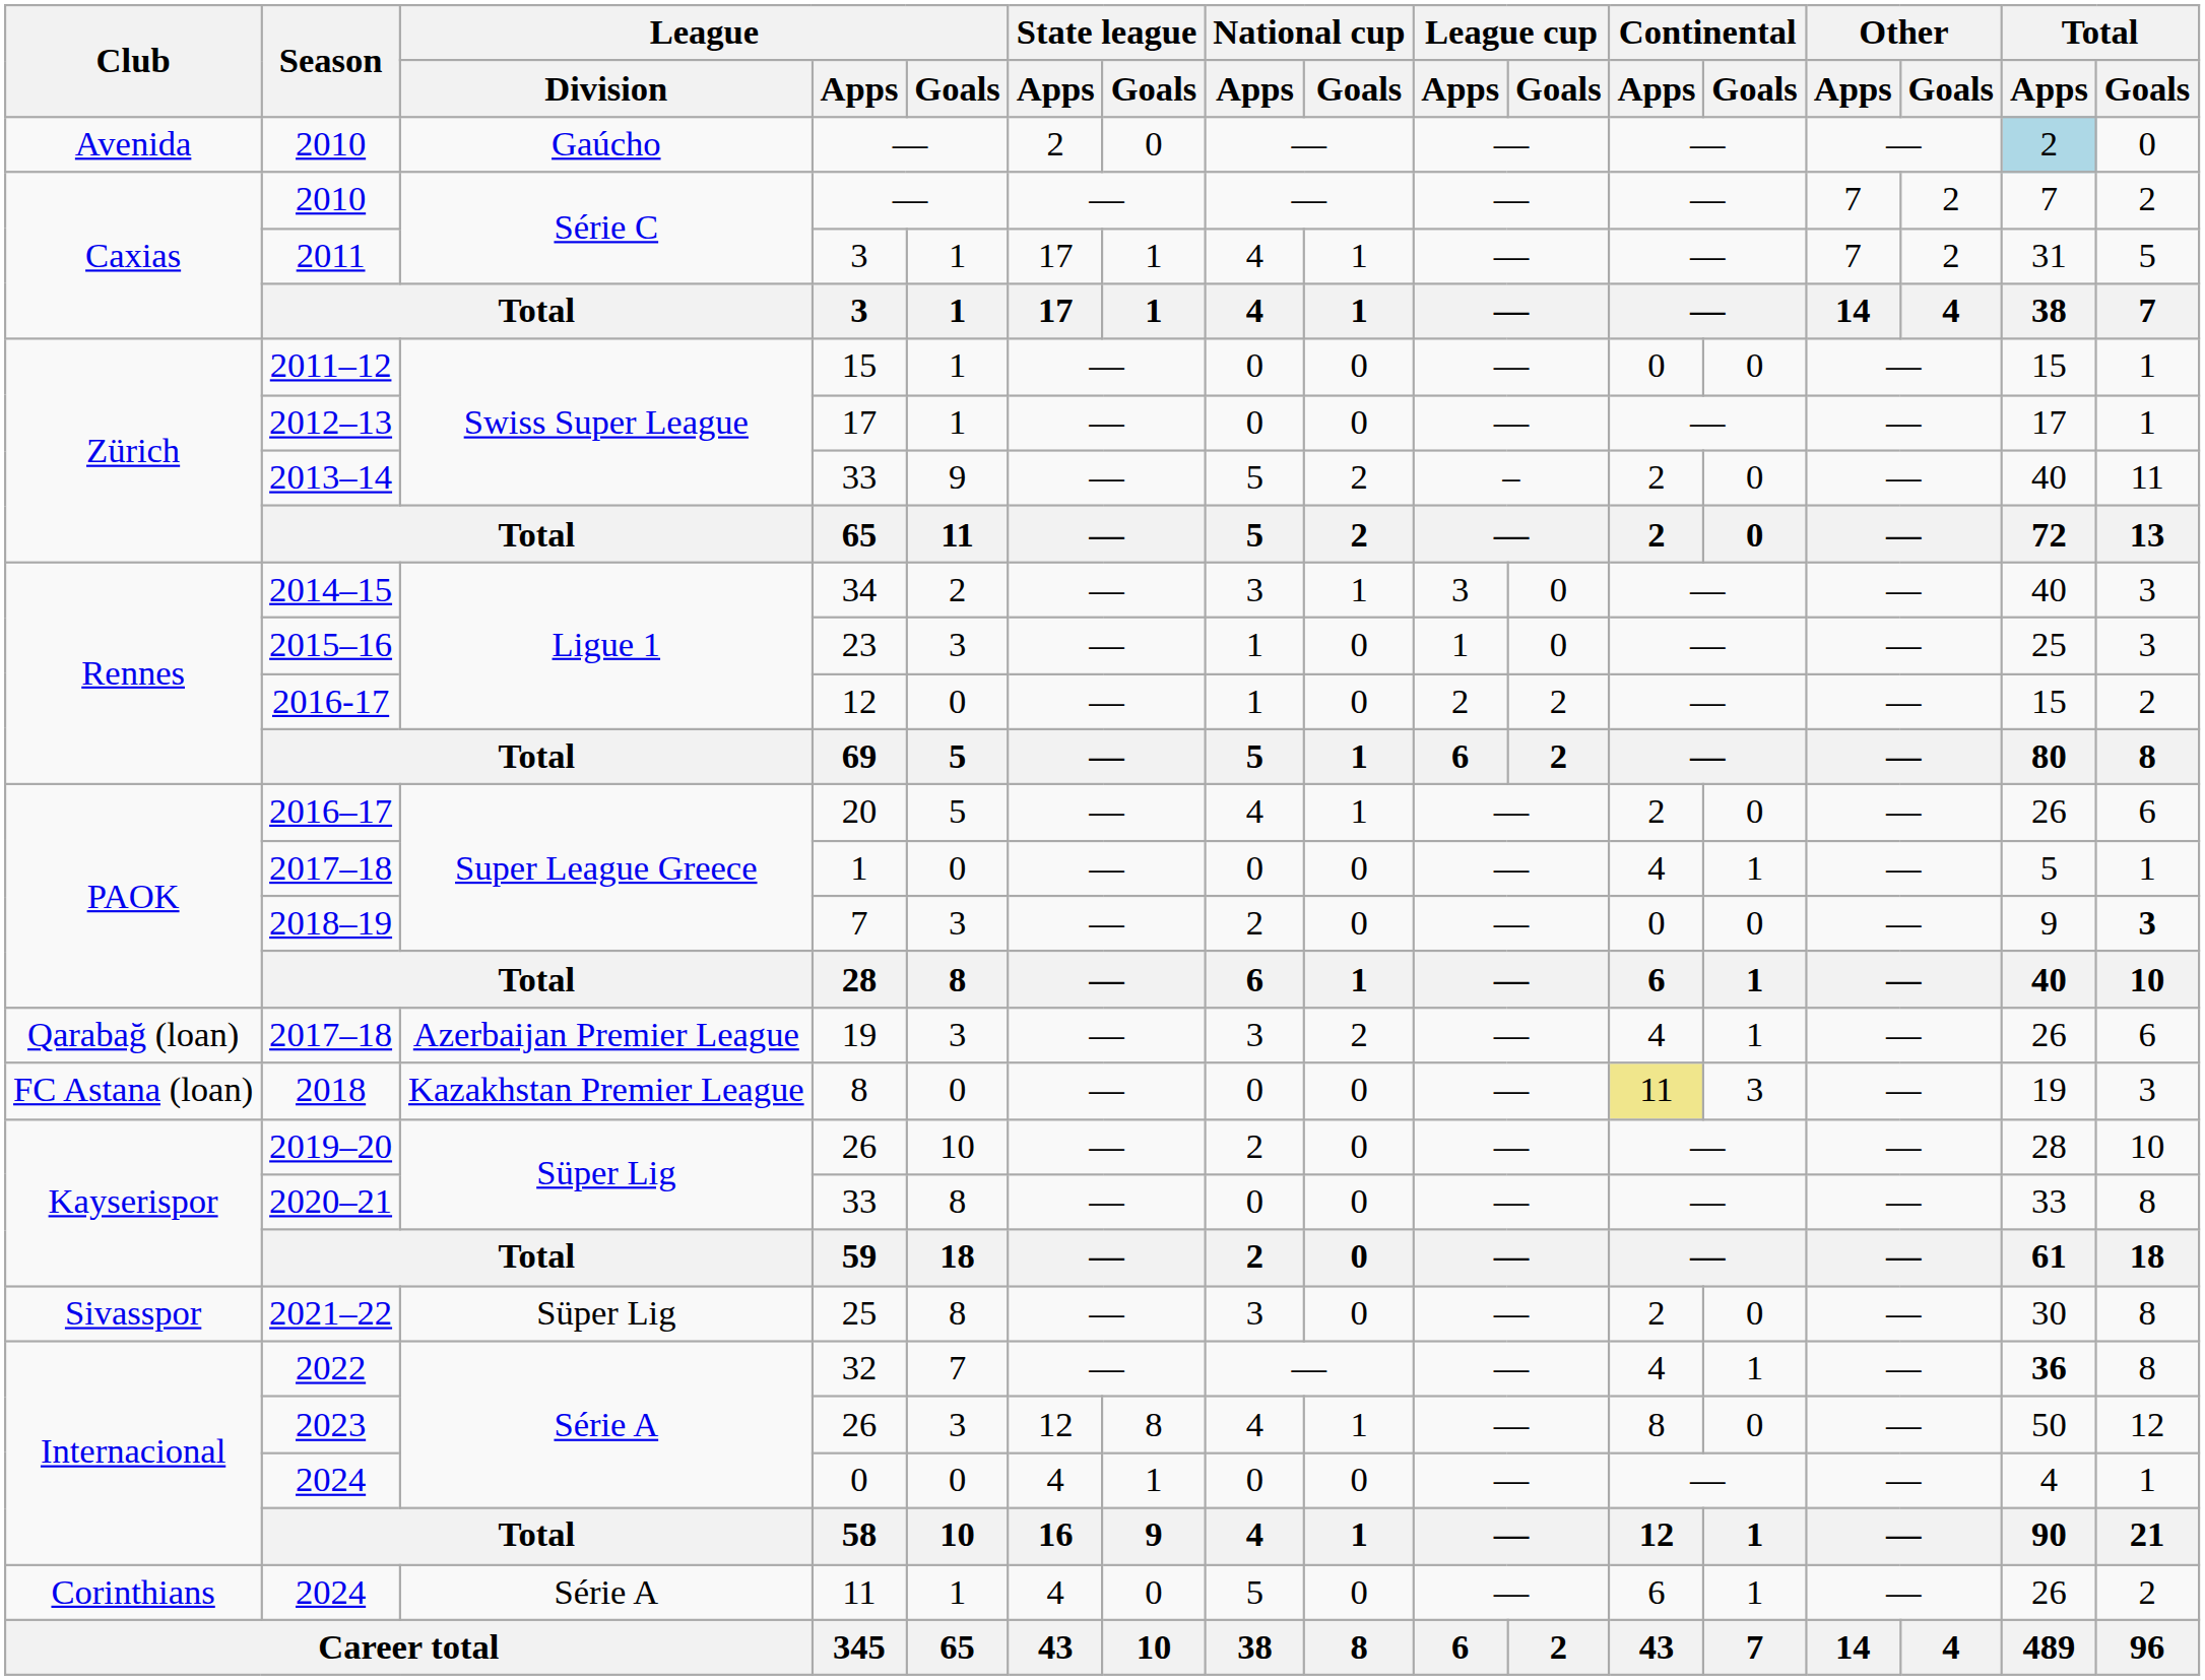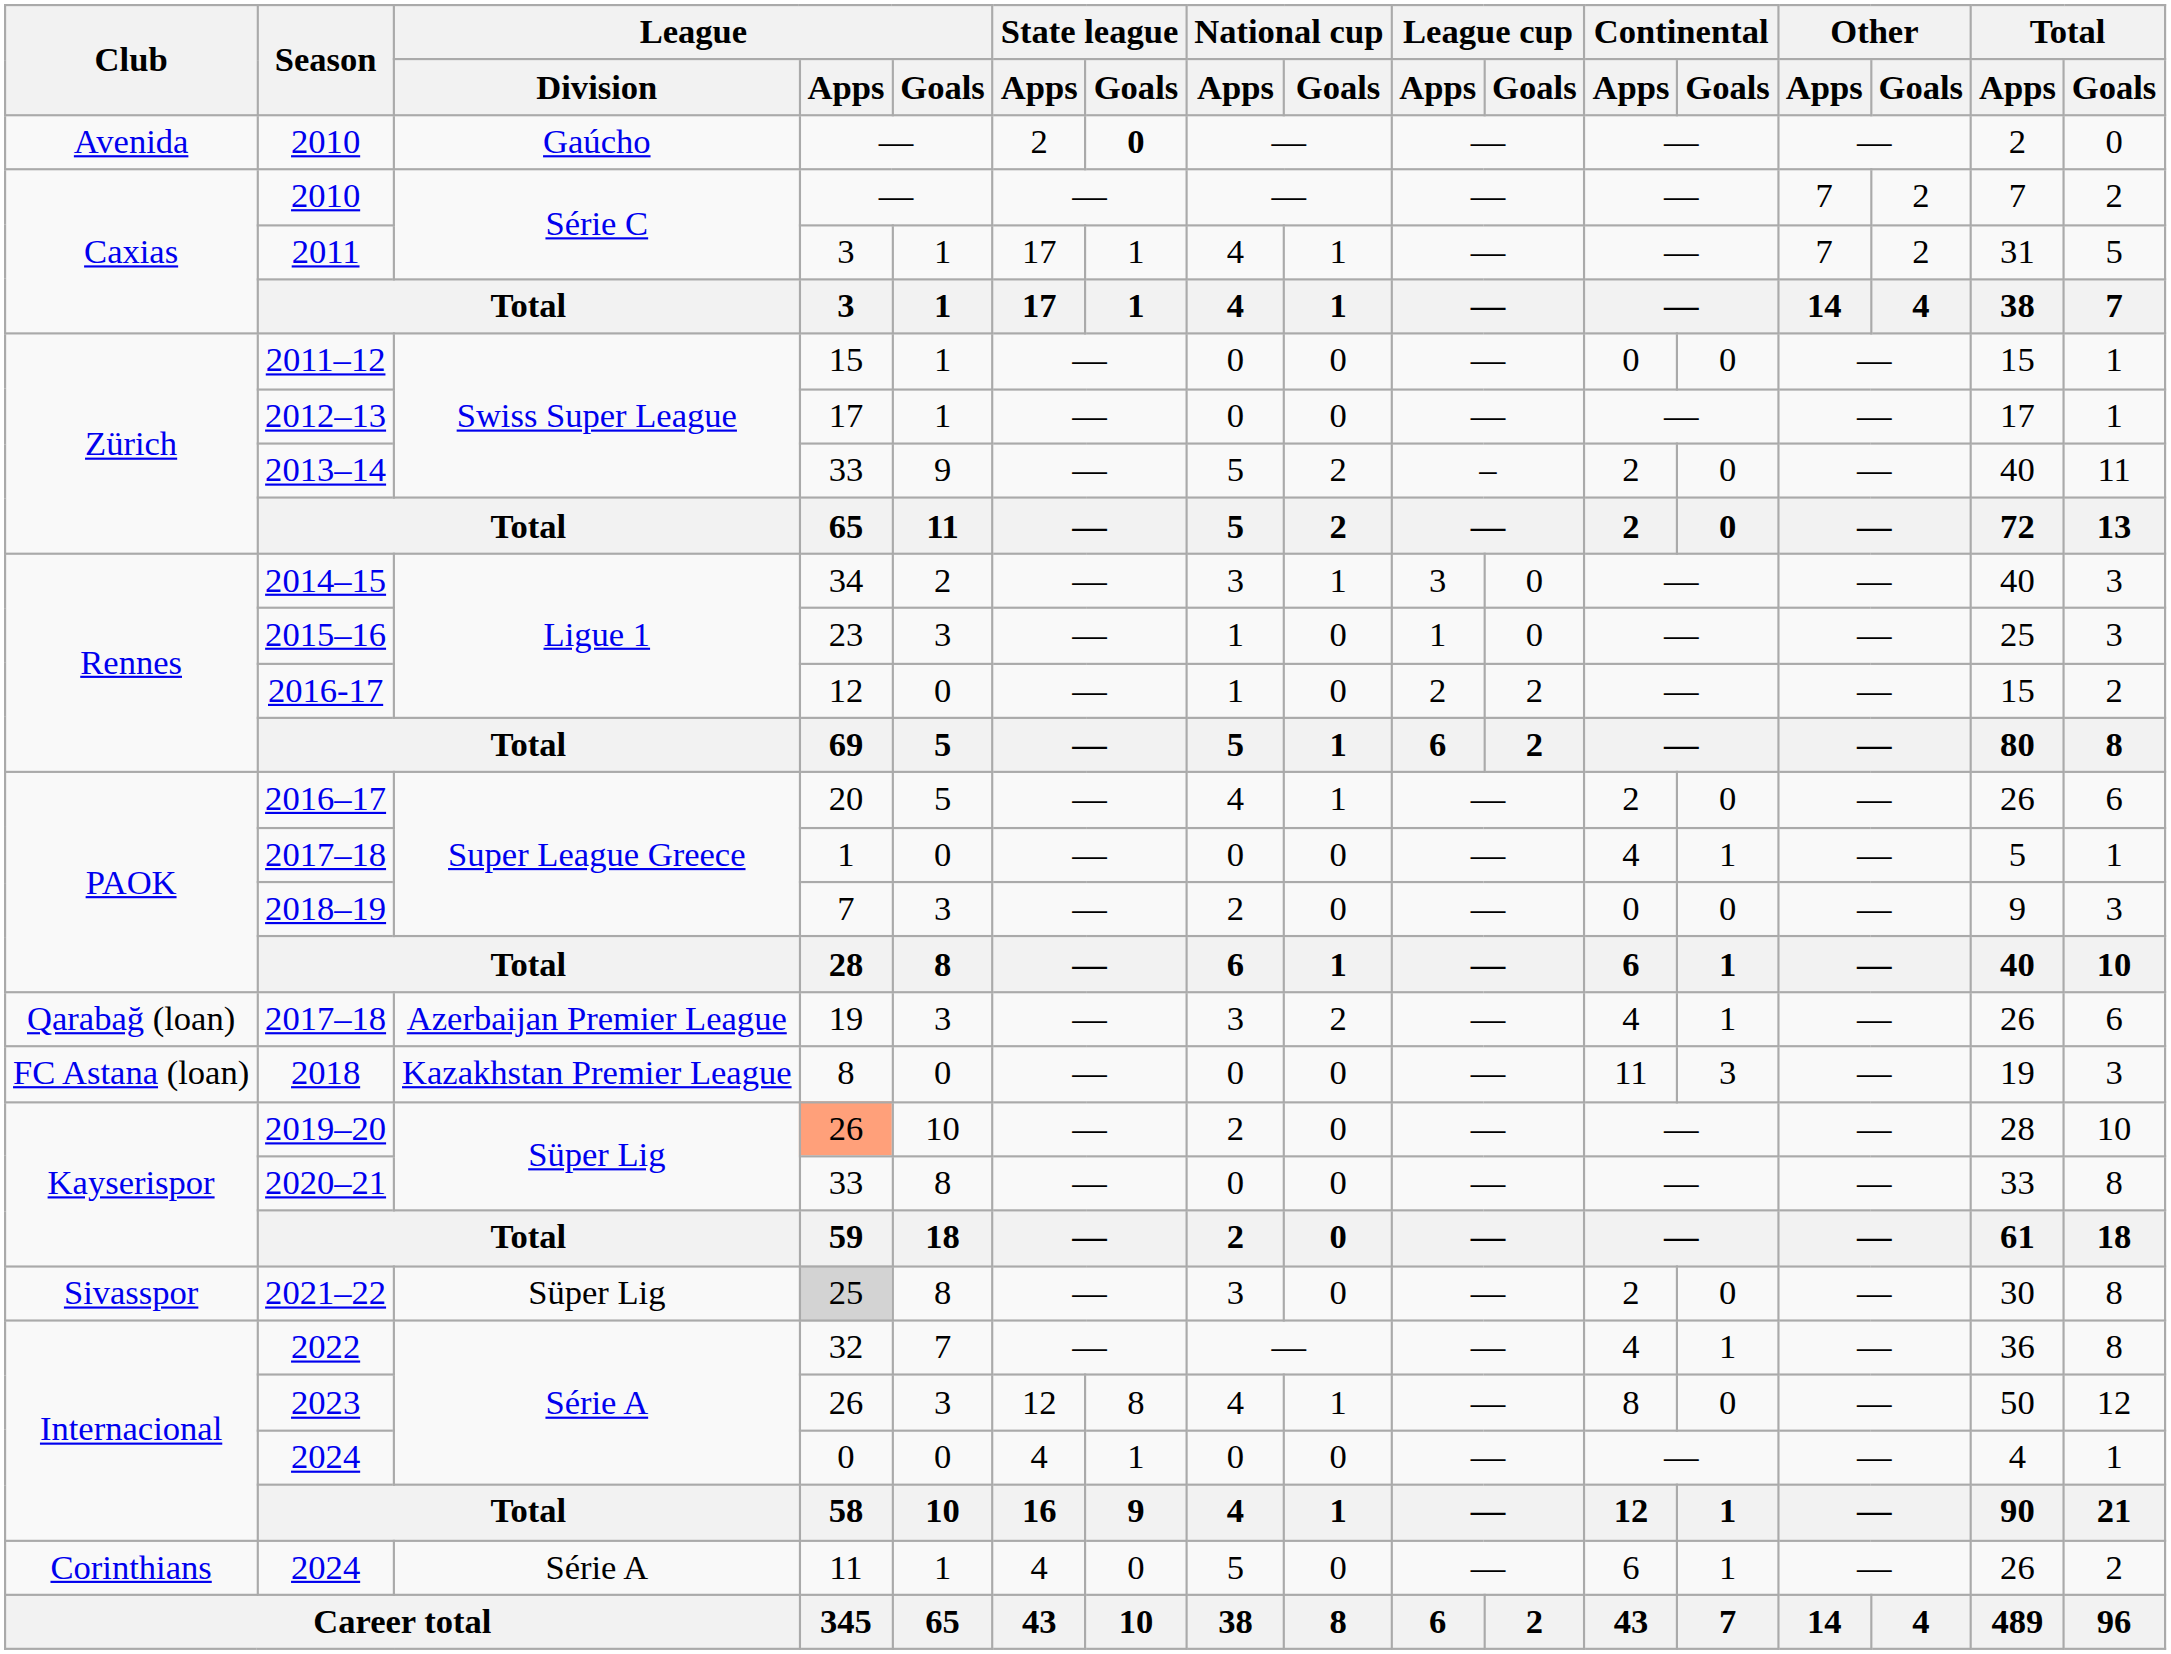 <table class="wikitable" style="text-align: center;">
 <tr>
 <th rowspan="2">Club</th>
 <th rowspan="2">Season</th>
 <th colspan="3">League</th>
 <th colspan="2">State league</th>
 <th colspan="2">National cup</th>
 <th colspan="2">League cup</th>
 <th colspan="2">Continental</th>
 <th colspan="2">Other</th>
 <th colspan="2">Total</th>
 </tr>
 <tr>
 <th>Division</th>
 <th>Apps</th>
 <th>Goals</th>
 <th>Apps</th>
 <th>Goals</th>
 <th>Apps</th>
 <th>Goals</th>
 <th>Apps</th>
 <th>Goals</th>
 <th>Apps</th>
 <th>Goals</th>
 <th>Apps</th>
 <th>Goals</th>
 <th>Apps</th>
 <th>Goals</th>
 </tr>
 <tr>
 <td><a href='#'>Avenida</a></td>
 <td><a href='#'>2010</a></td>
 <td><a href='#'>Gaúcho</a></td>
 <td colspan="2">—</td>
 <td>2</td>
-<td>0</td>
+<td><strong>0</strong></td>
 <td colspan="2">—</td>
 <td colspan="2">—</td>
 <td colspan="2">—</td>
 <td colspan="2">—</td>
-<td style="background: lightblue;">2</td>
+<td>2</td>
 <td>0</td>
 </tr>
 <tr>
 <td rowspan="3"><a href='#'>Caxias</a></td>
 <td><a href='#'>2010</a></td>
 <td rowspan="2"><a href='#'>Série C</a></td>
 <td colspan="2">—</td>
 <td colspan="2">—</td>
 <td colspan="2">—</td>
 <td colspan="2">—</td>
 <td colspan="2">—</td>
 <td>7</td>
 <td>2</td>
 <td>7</td>
 <td>2</td>
 </tr>
 <tr>
 <td><a href='#'>2011</a></td>
 <td>3</td>
 <td>1</td>
 <td>17</td>
 <td>1</td>
 <td>4</td>
 <td>1</td>
 <td colspan="2">—</td>
 <td colspan="2">—</td>
 <td>7</td>
 <td>2</td>
 <td>31</td>
 <td>5</td>
 </tr>
 <tr>
 <th colspan="2">Total</th>
 <th>3</th>
 <th>1</th>
 <th>17</th>
 <th>1</th>
 <th>4</th>
 <th>1</th>
 <th colspan="2">—</th>
 <th colspan="2">—</th>
 <th>14</th>
 <th>4</th>
 <th>38</th>
 <th>7</th>
 </tr>
 <tr>
 <td rowspan="4"><a href='#'>Zürich</a></td>
 <td><a href='#'>2011–12</a></td>
 <td rowspan="3"><a href='#'>Swiss Super League</a></td>
 <td>15</td>
 <td>1</td>
 <td colspan="2">—</td>
 <td>0</td>
 <td>0</td>
 <td colspan="2">—</td>
 <td>0</td>
 <td>0</td>
 <td colspan="2">—</td>
 <td>15</td>
 <td>1</td>
 </tr>
 <tr>
 <td><a href='#'>2012–13</a></td>
 <td>17</td>
 <td>1</td>
 <td colspan="2">—</td>
 <td>0</td>
 <td>0</td>
 <td colspan="2">—</td>
 <td colspan="2">—</td>
 <td colspan="2">—</td>
 <td>17</td>
 <td>1</td>
 </tr>
 <tr>
 <td><a href='#'>2013–14</a></td>
 <td>33</td>
 <td>9</td>
 <td colspan="2">—</td>
 <td>5</td>
 <td>2</td>
 <td colspan="2">–</td>
 <td>2</td>
 <td>0</td>
 <td colspan="2">—</td>
 <td>40</td>
 <td>11</td>
 </tr>
 <tr>
 <th colspan="2">Total</th>
 <th>65</th>
 <th>11</th>
 <th colspan="2">—</th>
 <th>5</th>
 <th>2</th>
 <th colspan="2">—</th>
 <th>2</th>
 <th>0</th>
 <th colspan="2">—</th>
 <th>72</th>
 <th>13</th>
 </tr>
 <tr>
 <td rowspan="4"><a href='#'>Rennes</a></td>
 <td><a href='#'>2014–15</a></td>
 <td rowspan="3"><a href='#'>Ligue 1</a></td>
 <td>34</td>
 <td>2</td>
 <td colspan="2">—</td>
 <td>3</td>
 <td>1</td>
 <td>3</td>
 <td>0</td>
 <td colspan="2">—</td>
 <td colspan="2">—</td>
 <td>40</td>
 <td>3</td>
 </tr>
 <tr>
 <td><a href='#'>2015–16</a></td>
 <td>23</td>
 <td>3</td>
 <td colspan="2">—</td>
 <td>1</td>
 <td>0</td>
 <td>1</td>
 <td>0</td>
 <td colspan="2">—</td>
 <td colspan="2">—</td>
 <td>25</td>
 <td>3</td>
 </tr>
 <tr>
 <td><a href='#'>2016-17</a></td>
 <td>12</td>
 <td>0</td>
 <td colspan="2">—</td>
 <td>1</td>
 <td>0</td>
 <td>2</td>
 <td>2</td>
 <td colspan="2">—</td>
 <td colspan="2">—</td>
 <td>15</td>
 <td>2</td>
 </tr>
 <tr>
 <th colspan="2">Total</th>
 <th>69</th>
 <th>5</th>
 <th colspan="2">—</th>
 <th>5</th>
 <th>1</th>
 <th>6</th>
 <th>2</th>
 <th colspan="2">—</th>
 <th colspan="2">—</th>
 <th>80</th>
 <th>8</th>
 </tr>
 <tr>
 <td rowspan="4"><a href='#'>PAOK</a></td>
 <td><a href='#'>2016–17</a></td>
 <td rowspan="3"><a href='#'>Super League Greece</a></td>
 <td>20</td>
 <td>5</td>
 <td colspan="2">—</td>
 <td>4</td>
 <td>1</td>
 <td colspan="2">—</td>
 <td>2</td>
 <td>0</td>
 <td colspan="2">—</td>
 <td>26</td>
 <td>6</td>
 </tr>
 <tr>
 <td><a href='#'>2017–18</a></td>
 <td>1</td>
 <td>0</td>
 <td colspan="2">—</td>
 <td>0</td>
 <td>0</td>
 <td colspan="2">—</td>
 <td>4</td>
 <td>1</td>
 <td colspan="2">—</td>
 <td>5</td>
 <td>1</td>
 </tr>
 <tr>
 <td><a href='#'>2018–19</a></td>
 <td>7</td>
 <td>3</td>
 <td colspan="2">—</td>
 <td>2</td>
 <td>0</td>
 <td colspan="2">—</td>
 <td>0</td>
 <td>0</td>
 <td colspan="2">—</td>
 <td>9</td>
-<td><strong>3</strong></td>
+<td>3</td>
 </tr>
 <tr>
 <th colspan="2">Total</th>
 <th>28</th>
 <th>8</th>
 <th colspan="2">—</th>
 <th>6</th>
 <th>1</th>
 <th colspan="2">—</th>
 <th>6</th>
 <th>1</th>
 <th colspan="2">—</th>
 <th>40</th>
 <th>10</th>
 </tr>
 <tr>
 <td><a href='#'>Qarabağ</a> (loan)</td>
 <td><a href='#'>2017–18</a></td>
 <td><a href='#'>Azerbaijan Premier League</a></td>
 <td>19</td>
 <td>3</td>
 <td colspan="2">—</td>
 <td>3</td>
 <td>2</td>
 <td colspan="2">—</td>
 <td>4</td>
 <td>1</td>
 <td colspan="2">—</td>
 <td>26</td>
 <td>6</td>
 </tr>
 <tr>
 <td><a href='#'>FC Astana</a> (loan)</td>
 <td><a href='#'>2018</a></td>
 <td><a href='#'>Kazakhstan Premier League</a></td>
 <td>8</td>
 <td>0</td>
 <td colspan="2">—</td>
 <td>0</td>
 <td>0</td>
 <td colspan="2">—</td>
-<td style="background: khaki;">11</td>
+<td>11</td>
 <td>3</td>
 <td colspan="2">—</td>
 <td>19</td>
 <td>3</td>
 </tr>
 <tr>
 <td rowspan="3"><a href='#'>Kayserispor</a></td>
 <td><a href='#'>2019–20</a></td>
 <td rowspan="2"><a href='#'>Süper Lig</a></td>
-<td>26</td>
+<td style="background: lightsalmon;">26</td>
 <td>10</td>
 <td colspan="2">—</td>
 <td>2</td>
 <td>0</td>
 <td colspan="2">—</td>
 <td colspan="2">—</td>
 <td colspan="2">—</td>
 <td>28</td>
 <td>10</td>
 </tr>
 <tr>
 <td><a href='#'>2020–21</a></td>
 <td>33</td>
 <td>8</td>
 <td colspan="2">—</td>
 <td>0</td>
 <td>0</td>
 <td colspan="2">—</td>
 <td colspan="2">—</td>
 <td colspan="2">—</td>
 <td>33</td>
 <td>8</td>
 </tr>
 <tr>
 <th colspan="2">Total</th>
 <th>59</th>
 <th>18</th>
 <th colspan="2">—</th>
 <th>2</th>
 <th>0</th>
 <th colspan="2">—</th>
 <th colspan="2">—</th>
 <th colspan="2">—</th>
 <th>61</th>
 <th>18</th>
 </tr>
 <tr>
 <td><a href='#'>Sivasspor</a></td>
 <td><a href='#'>2021–22</a></td>
 <td>Süper Lig</td>
-<td>25</td>
+<td style="background: lightgrey;">25</td>
 <td>8</td>
 <td colspan="2">—</td>
 <td>3</td>
 <td>0</td>
 <td colspan="2">—</td>
 <td>2</td>
 <td>0</td>
 <td colspan="2">—</td>
 <td>30</td>
 <td>8</td>
 </tr>
 <tr>
 <td rowspan="4"><a href='#'>Internacional</a></td>
 <td><a href='#'>2022</a></td>
 <td rowspan="3"><a href='#'>Série A</a></td>
 <td>32</td>
 <td>7</td>
 <td colspan="2">—</td>
 <td colspan="2">—</td>
 <td colspan="2">—</td>
 <td>4</td>
 <td>1</td>
 <td colspan="2">—</td>
-<td><strong>36</strong></td>
+<td>36</td>
 <td>8</td>
 </tr>
 <tr>
 <td><a href='#'>2023</a></td>
 <td>26</td>
 <td>3</td>
 <td>12</td>
 <td>8</td>
 <td>4</td>
 <td>1</td>
 <td colspan="2">—</td>
 <td>8</td>
 <td>0</td>
 <td colspan="2">—</td>
 <td>50</td>
 <td>12</td>
 </tr>
 <tr>
 <td><a href='#'>2024</a></td>
 <td>0</td>
 <td>0</td>
 <td>4</td>
 <td>1</td>
 <td>0</td>
 <td>0</td>
 <td colspan="2">—</td>
 <td colspan="2">—</td>
 <td colspan="2">—</td>
 <td>4</td>
 <td>1</td>
 </tr>
 <tr>
 <th colspan="2">Total</th>
 <th>58</th>
 <th>10</th>
 <th>16</th>
 <th>9</th>
 <th>4</th>
 <th>1</th>
 <th colspan="2">—</th>
 <th>12</th>
 <th>1</th>
 <th colspan="2">—</th>
 <th>90</th>
 <th>21</th>
 </tr>
 <tr>
 <td><a href='#'>Corinthians</a></td>
 <td><a href='#'>2024</a></td>
 <td>Série A</td>
 <td>11</td>
 <td>1</td>
 <td>4</td>
 <td>0</td>
 <td>5</td>
 <td>0</td>
 <td colspan="2">—</td>
 <td>6</td>
 <td>1</td>
 <td colspan="2">—</td>
 <td>26</td>
 <td>2</td>
 </tr>
 <tr>
 <th colspan="3">Career total</th>
 <th>345</th>
 <th>65</th>
 <th>43</th>
 <th>10</th>
 <th>38</th>
 <th>8</th>
 <th>6</th>
 <th>2</th>
 <th>43</th>
 <th>7</th>
 <th>14</th>
 <th>4</th>
 <th>489</th>
 <th>96</th>
 </tr>
 </table>
